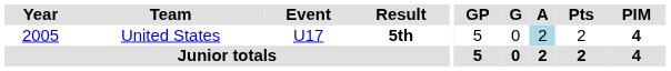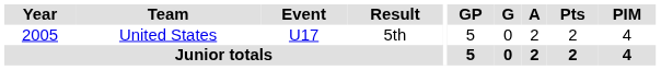 <table border="0" cellpadding="1" cellspacing="0" ID="Table3" style="text-align:center; width:40em">
 <tr ALIGN="center" bgcolor="#e0e0e0">
 <th>Year</th>
 <th>Team</th>
 <th>Event</th>
 <th>Result</th>
 <th rowspan="99" bgcolor="#ffffff"></th>
 <th>GP</th>
 <th>G</th>
 <th>A</th>
 <th>Pts</th>
 <th>PIM</th>
 </tr>
 <tr>
 <td><a href='#'>2005</a></td>
 <td><a href='#'>United States</a></td>
 <td><a href='#'>U17</a></td>
-<td><strong>5th</strong></td>
+<td>5th</td>
 <td>5</td>
 <td>0</td>
-<td style="background: lightblue;">2</td>
 <td>2</td>
-<td><strong>4</strong></td>
+<td>2</td>
+<td>4</td>
 </tr>
 <tr bgcolor="#e0e0e0">
 <th colspan="4">Junior totals</th>
 <th>5</th>
 <th>0</th>
 <th>2</th>
 <th>2</th>
 <th>4</th>
 </tr>
 </table>
